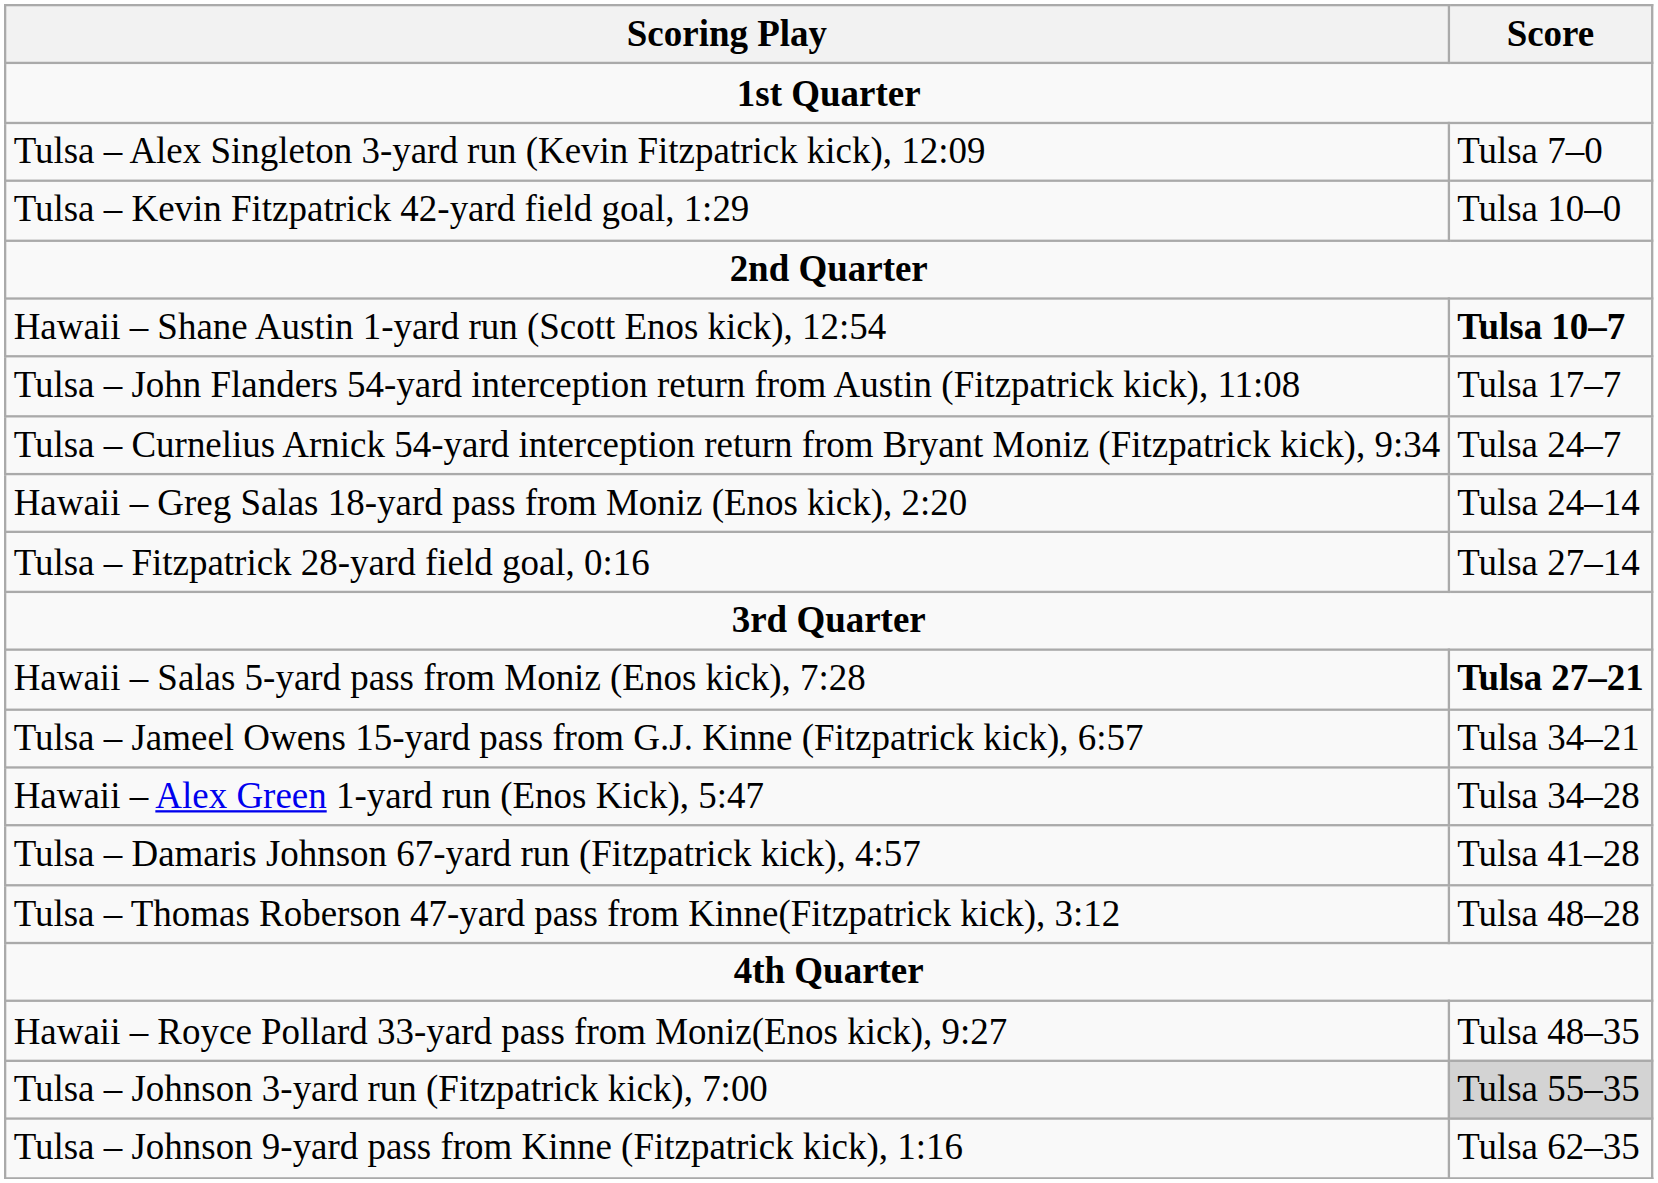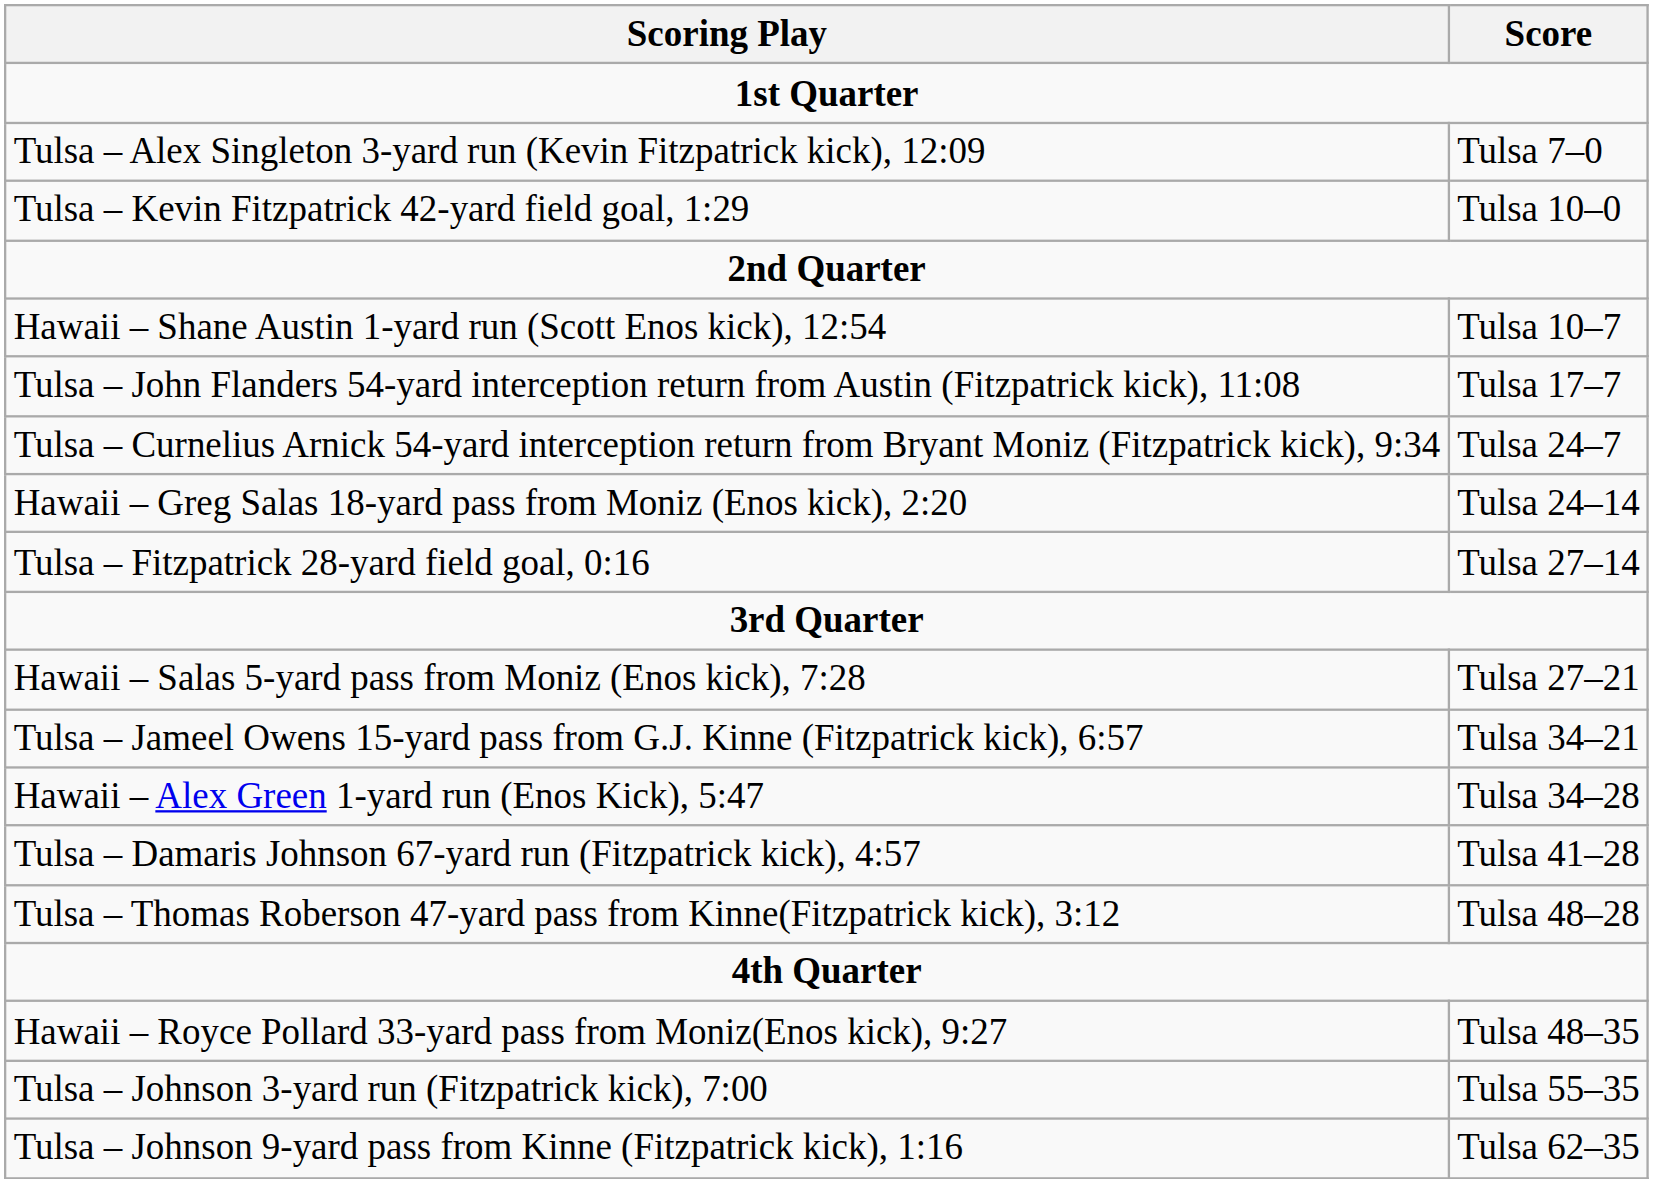 <table class="wikitable">
 <tr>
 <th>Scoring Play</th>
 <th>Score</th>
 </tr>
 <tr>
 <td colspan="4" align="center"><strong>1st Quarter</strong></td>
 </tr>
 <tr>
 <td>Tulsa – Alex Singleton 3-yard run (Kevin Fitzpatrick kick), 12:09</td>
 <td>Tulsa 7–0</td>
 </tr>
 <tr>
 <td>Tulsa – Kevin Fitzpatrick 42-yard field goal, 1:29</td>
 <td>Tulsa 10–0</td>
 </tr>
 <tr>
 <td colspan="4" align="center"><strong>2nd Quarter</strong></td>
 </tr>
 <tr>
 <td>Hawaii – Shane Austin 1-yard run (Scott Enos kick), 12:54</td>
-<td><strong>Tulsa 10–7</strong></td>
+<td>Tulsa 10–7</td>
 </tr>
 <tr>
 <td>Tulsa – John Flanders 54-yard interception return from Austin (Fitzpatrick kick), 11:08</td>
 <td>Tulsa 17–7</td>
 </tr>
 <tr>
 <td>Tulsa – Curnelius Arnick 54-yard interception return from Bryant Moniz (Fitzpatrick kick), 9:34</td>
 <td>Tulsa 24–7</td>
 </tr>
 <tr>
 <td>Hawaii – Greg Salas 18-yard pass from Moniz (Enos kick), 2:20</td>
 <td>Tulsa 24–14</td>
 </tr>
 <tr>
 <td>Tulsa – Fitzpatrick 28-yard field goal, 0:16</td>
 <td>Tulsa 27–14</td>
 </tr>
 <tr>
 <td colspan="4" align="center"><strong>3rd Quarter</strong></td>
 </tr>
 <tr>
 <td>Hawaii – Salas 5-yard pass from Moniz (Enos kick), 7:28</td>
-<td><strong>Tulsa 27–21</strong></td>
+<td>Tulsa 27–21</td>
 </tr>
 <tr>
 <td>Tulsa – Jameel Owens 15-yard pass from G.J. Kinne (Fitzpatrick kick), 6:57</td>
 <td>Tulsa 34–21</td>
 </tr>
 <tr>
 <td>Hawaii – <a href='#'>Alex Green</a> 1-yard run (Enos Kick), 5:47</td>
 <td>Tulsa 34–28</td>
 </tr>
 <tr>
 <td>Tulsa – Damaris Johnson 67-yard run (Fitzpatrick kick), 4:57</td>
 <td>Tulsa 41–28</td>
 </tr>
 <tr>
 <td>Tulsa – Thomas Roberson 47-yard pass from Kinne(Fitzpatrick kick), 3:12</td>
 <td>Tulsa 48–28</td>
 </tr>
 <tr>
 <td colspan="4" align="center"><strong>4th Quarter</strong></td>
 </tr>
 <tr>
 <td>Hawaii – Royce Pollard 33-yard pass from Moniz(Enos kick), 9:27</td>
 <td>Tulsa 48–35</td>
 </tr>
 <tr>
 <td>Tulsa – Johnson 3-yard run (Fitzpatrick kick), 7:00</td>
-<td style="background: lightgrey;">Tulsa 55–35</td>
+<td>Tulsa 55–35</td>
 </tr>
 <tr>
 <td>Tulsa – Johnson 9-yard pass from Kinne (Fitzpatrick kick), 1:16</td>
 <td>Tulsa 62–35</td>
 </tr>
 <tr>
 </tr>
 </table>
